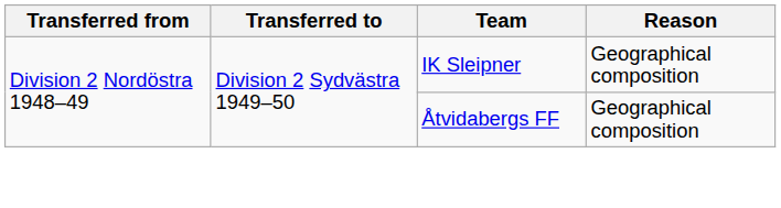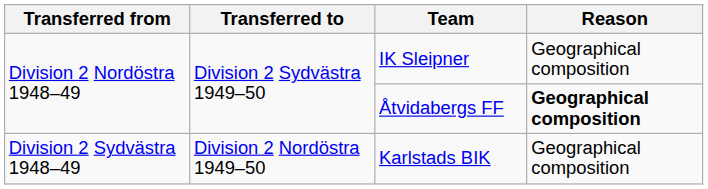 <table class="wikitable" style="text-align: left;">
 <tr>
 <th style="width: 275px;">Transferred from</th>
 <th style="width: 275px;">Transferred to</th>
 <th style="width: 200px;">Team</th>
 <th style="width: 225px;">Reason</th>
 </tr>
 <tr>
 <td rowspan=2><a href='#'>Division 2</a> <a href='#'>Nordöstra</a> 1948–49</td>
 <td rowspan=2><a href='#'>Division 2</a> <a href='#'>Sydvästra</a> 1949–50</td>
 <td><a href='#'>IK Sleipner</a></td>
 <td>Geographical composition</td>
 </tr>
 <tr>
 <td><a href='#'>Åtvidabergs FF</a></td>
+<td><strong>Geographical composition</strong></td>
+</tr>
+<tr>
+<td><a href='#'>Division 2</a> <a href='#'>Sydvästra</a> 1948–49</td>
+<td><a href='#'>Division 2</a> <a href='#'>Nordöstra</a> 1949–50</td>
+<td><a href='#'>Karlstads BIK</a></td>
 <td>Geographical composition</td>
 </tr>
 </table>
